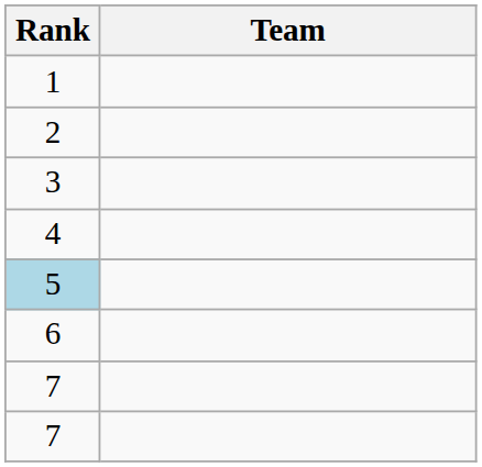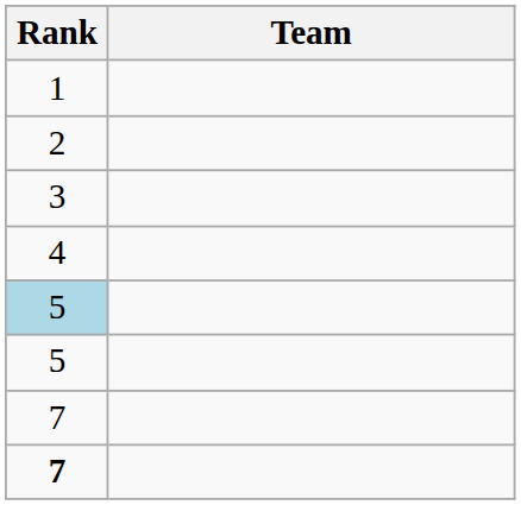 <table class="wikitable" style="text-align: center;">
 <tr>
 <th width=40>Rank</th>
 <th width=180>Team</th>
 </tr>
 <tr>
 <td>1</td>
 <td align=left></td>
 </tr>
 <tr>
 <td>2</td>
 <td align=left></td>
 </tr>
 <tr>
 <td>3</td>
 <td align=left></td>
 </tr>
 <tr>
 <td>4</td>
 <td align=left></td>
 </tr>
 <tr>
 <td style="background: lightblue;">5</td>
 <td align=left></td>
 </tr>
 <tr>
-<td>6</td>
+<td>5</td>
 <td align=left></td>
 </tr>
 <tr>
 <td>7</td>
 <td align=left></td>
 </tr>
 <tr>
-<td>7</td>
+<td><strong>7</strong></td>
 <td align=left></td>
 </tr>
 </table>
